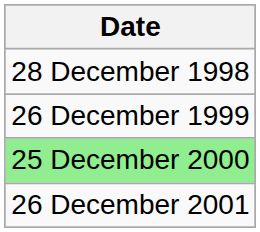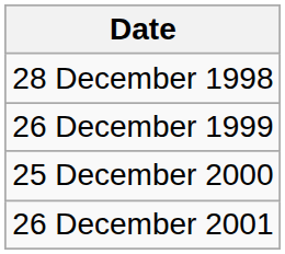 <table class="wikitable" style="text-align:center;">
 <tr>
 <th>Date</th>
 </tr>
 <tr>
 <td>28 December 1998</td>
 </tr>
 <tr>
 <td>26 December 1999</td>
 </tr>
 <tr>
-<td style="background: lightgreen;">25 December 2000</td>
+<td>25 December 2000</td>
 </tr>
 <tr>
 <td>26 December 2001</td>
 </tr>
 </table>
